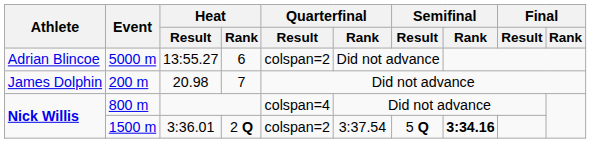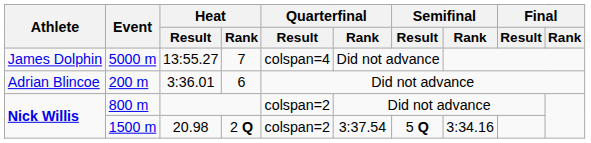 <table class=wikitable style="font-size:90%">
 <tr>
 <th rowspan="2">Athlete</th>
 <th rowspan="2">Event</th>
 <th colspan="2">Heat</th>
 <th colspan="2">Quarterfinal</th>
 <th colspan="2">Semifinal</th>
 <th colspan="2">Final</th>
 </tr>
 <tr style="font-size:95%">
 <th>Result</th>
 <th>Rank</th>
 <th>Result</th>
 <th>Rank</th>
 <th>Result</th>
 <th>Rank</th>
 <th>Result</th>
 <th>Rank</th>
 </tr>
 <tr align=center>
-<td align=left><a href='#'>Adrian Blincoe</a></td>
+<td align=left><a href='#'>James Dolphin</a></td>
 <td align=left><a href='#'>5000 m</a></td>
 <td>13:55.27</td>
-<td>6</td>
-<td>colspan=2 </td>
+<td>7</td>
+<td>colspan=4 </td>
 <td colspan=2>Did not advance</td>
 </tr>
 <tr align=center>
-<td align=left><a href='#'>James Dolphin</a></td>
+<td align=left><a href='#'>Adrian Blincoe</a></td>
 <td align=left><a href='#'>200 m</a></td>
-<td>20.98</td>
-<td>7</td>
+<td>3:36.01</td>
+<td>6</td>
 <td colspan=6>Did not advance</td>
 </tr>
 <tr align=center>
 <td align=left rowspan=2><strong><a href='#'>Nick Willis</a></strong></td>
 <td align=left><a href='#'>800 m</a></td>
 <td colspan=2></td>
-<td>colspan=4 </td>
+<td>colspan=2 </td>
 <td colspan=4>Did not advance</td>
 </tr>
 <tr align=center>
 <td align=left><a href='#'>1500 m</a></td>
-<td>3:36.01</td>
+<td>20.98</td>
 <td>2 <strong>Q</strong></td>
 <td>colspan=2 </td>
 <td>3:37.54</td>
 <td>5 <strong>Q</strong></td>
-<td><strong>3:34.16</strong></td>
+<td>3:34.16</td>
 <td></td>
 </tr>
 </table>
